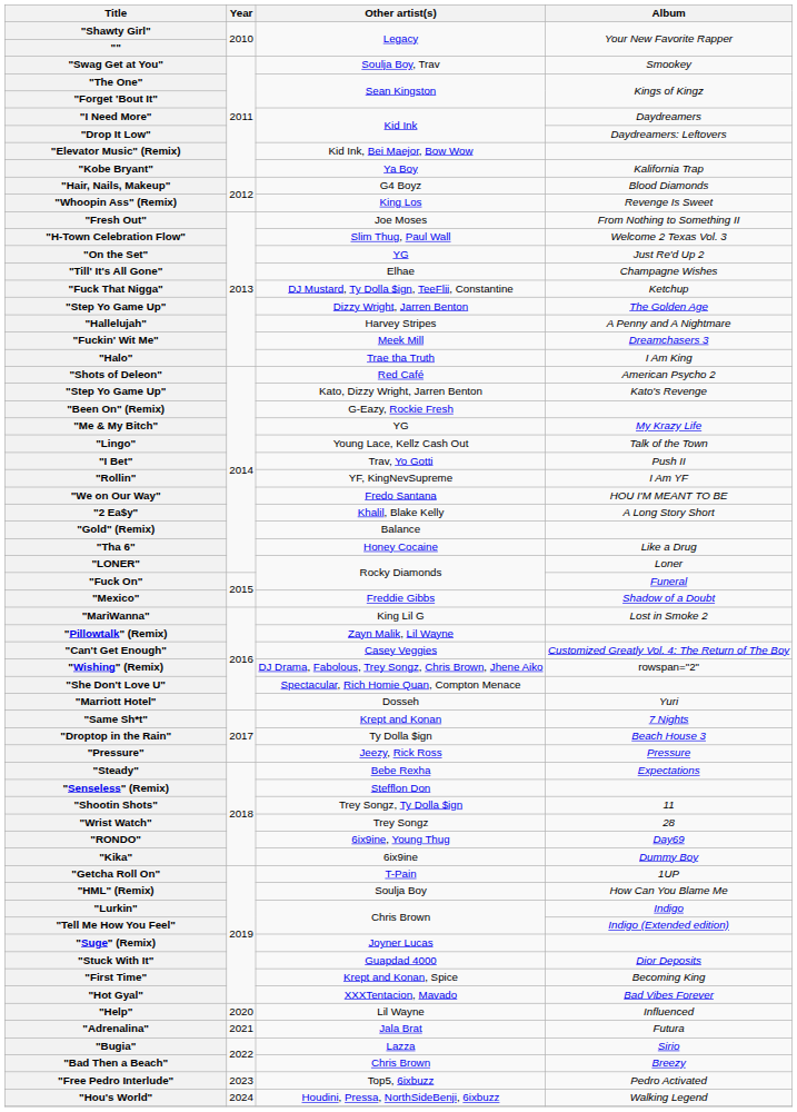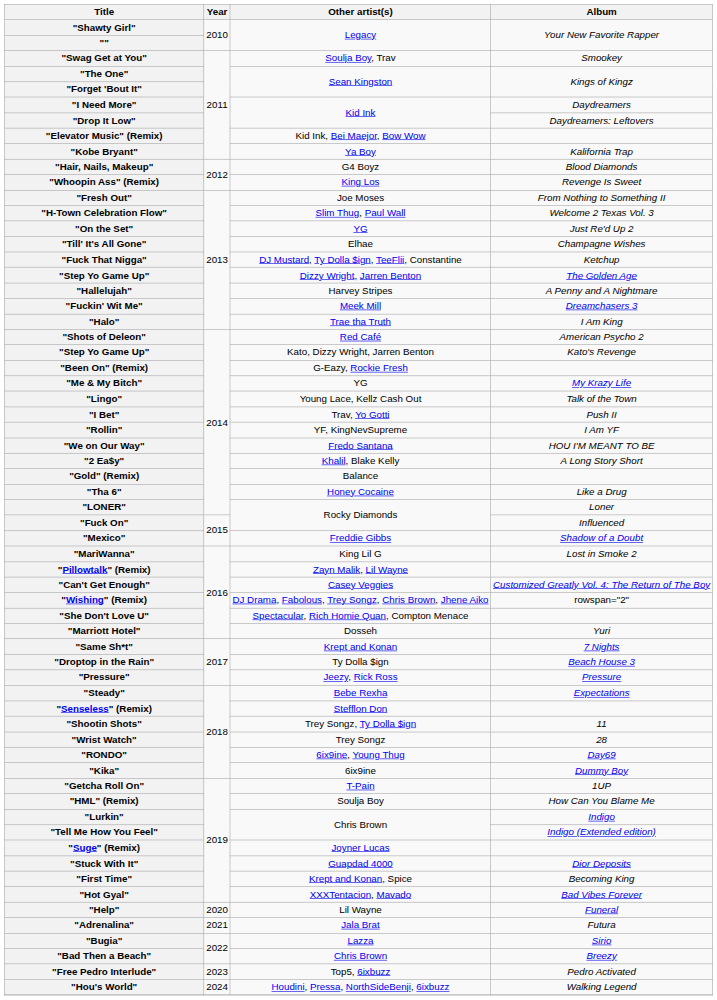 <table class="wikitable plainrowheaders" style="text-align:center;">
 <tr>
 <th scope="col" style="width:20em;">Title</th>
 <th scope="col">Year</th>
 <th scope="col">Other artist(s)</th>
 <th scope="col">Album</th>
 </tr>
 <tr>
 <th scope="row">"Shawty Girl"</th>
 <td rowspan="2">2010</td>
 <td rowspan="2"><a href='#'>Legacy</a></td>
 <td rowspan="2"><em>Your New Favorite Rapper</em></td>
 </tr>
 <tr>
 <th scope="row">""</th>
 </tr>
 <tr>
 <th scope="row">"Swag Get at You"</th>
 <td rowspan="7">2011</td>
 <td><a href='#'>Soulja Boy</a>, Trav</td>
 <td><em>Smookey</em></td>
 </tr>
 <tr>
 <th scope="row">"The One"</th>
 <td rowspan="2"><a href='#'>Sean Kingston</a></td>
 <td rowspan="2"><em>Kings of Kingz</em></td>
 </tr>
 <tr>
 <th scope="row">"Forget 'Bout It"</th>
 </tr>
 <tr>
 <th scope="row">"I Need More"</th>
 <td rowspan="2"><a href='#'>Kid Ink</a></td>
 <td><em>Daydreamers</em></td>
 </tr>
 <tr>
 <th scope="row">"Drop It Low"</th>
 <td><em>Daydreamers: Leftovers</em></td>
 </tr>
 <tr>
 <th scope="row">"Elevator Music" (Remix)</th>
 <td>Kid Ink, <a href='#'>Bei Maejor</a>, <a href='#'>Bow Wow</a></td>
 <td></td>
 </tr>
 <tr>
 <th scope="row">"Kobe Bryant"</th>
 <td><a href='#'>Ya Boy</a></td>
 <td><em>Kalifornia Trap</em></td>
 </tr>
 <tr>
 <th scope="row">"Hair, Nails, Makeup"</th>
 <td rowspan="2">2012</td>
 <td>G4 Boyz</td>
 <td><em>Blood Diamonds</em></td>
 </tr>
 <tr>
 <th scope="row">"Whoopin Ass" (Remix)</th>
 <td><a href='#'>King Los</a></td>
 <td><em>Revenge Is Sweet</em></td>
 </tr>
 <tr>
 <th scope="row">"Fresh Out"</th>
 <td rowspan="9">2013</td>
 <td>Joe Moses</td>
 <td><em>From Nothing to Something II</em></td>
 </tr>
 <tr>
 <th scope="row">"H-Town Celebration Flow"</th>
 <td><a href='#'>Slim Thug</a>, <a href='#'>Paul Wall</a></td>
 <td><em>Welcome 2 Texas Vol. 3</em></td>
 </tr>
 <tr>
 <th scope="row">"On the Set"</th>
 <td><a href='#'>YG</a></td>
 <td><em>Just Re'd Up 2</em></td>
 </tr>
 <tr>
 <th scope="row">"Till' It's All Gone"</th>
 <td>Elhae</td>
 <td><em>Champagne Wishes</em></td>
 </tr>
 <tr>
 <th scope="row">"Fuck That Nigga"</th>
 <td><a href='#'>DJ Mustard</a>, <a href='#'>Ty Dolla $ign</a>, <a href='#'>TeeFlii</a>, Constantine</td>
 <td><em>Ketchup</em></td>
 </tr>
 <tr>
 <th scope="row">"Step Yo Game Up"</th>
 <td><a href='#'>Dizzy Wright</a>, <a href='#'>Jarren Benton</a></td>
 <td><em><a href='#'>The Golden Age</a></em></td>
 </tr>
 <tr>
 <th scope="row">"Hallelujah"</th>
 <td>Harvey Stripes</td>
 <td><em>A Penny and A Nightmare</em></td>
 </tr>
 <tr>
 <th scope="row">"Fuckin' Wit Me"</th>
 <td><a href='#'>Meek Mill</a></td>
 <td><em><a href='#'>Dreamchasers 3</a></em></td>
 </tr>
 <tr>
 <th scope="row">"Halo"</th>
 <td><a href='#'>Trae tha Truth</a></td>
 <td><em>I Am King</em></td>
 </tr>
 <tr>
 <th scope="row">"Shots of Deleon"</th>
 <td rowspan="12">2014</td>
 <td><a href='#'>Red Café</a></td>
 <td><em>American Psycho 2</em></td>
 </tr>
 <tr>
 <th scope="row">"Step Yo Game Up"</th>
 <td>Kato, Dizzy Wright, Jarren Benton</td>
 <td><em>Kato's Revenge</em></td>
 </tr>
 <tr>
 <th scope="row">"Been On" (Remix)</th>
 <td>G-Eazy, <a href='#'>Rockie Fresh</a></td>
 <td></td>
 </tr>
 <tr>
 <th scope="row">"Me & My Bitch"</th>
 <td>YG</td>
 <td><em><a href='#'>My Krazy Life</a></em></td>
 </tr>
 <tr>
 <th scope="row">"Lingo"</th>
 <td>Young Lace, Kellz Cash Out</td>
 <td><em>Talk of the Town</em></td>
 </tr>
 <tr>
 <th scope="row">"I Bet"</th>
 <td>Trav, <a href='#'>Yo Gotti</a></td>
 <td><em>Push II</em></td>
 </tr>
 <tr>
 <th scope="row">"Rollin"</th>
 <td>YF, KingNevSupreme</td>
 <td><em>I Am YF</em></td>
 </tr>
 <tr>
 <th scope="row">"We on Our Way"</th>
 <td><a href='#'>Fredo Santana</a></td>
 <td><em>HOU I'M MEANT TO BE</em></td>
 </tr>
 <tr>
 <th scope="row">"2 Ea$y"</th>
 <td><a href='#'>Khalil</a>, Blake Kelly</td>
 <td><em>A Long Story Short</em></td>
 </tr>
 <tr>
 <th scope="row">"Gold" (Remix)</th>
 <td>Balance</td>
 <td></td>
 </tr>
 <tr>
 <th scope="row">"Tha 6"</th>
 <td><a href='#'>Honey Cocaine</a></td>
 <td><em>Like a Drug</em></td>
 </tr>
 <tr>
 <th scope="row">"LONER"</th>
 <td rowspan="2">Rocky Diamonds</td>
 <td><em>Loner</em></td>
 </tr>
 <tr>
 <th scope="row">"Fuck On"</th>
 <td rowspan="2">2015</td>
-<td><em><a href='#'>Funeral</a></em></td>
+<td><em>Influenced</em></td>
 </tr>
 <tr>
 <th scope="row">"Mexico"</th>
 <td><a href='#'>Freddie Gibbs</a></td>
 <td><em><a href='#'>Shadow of a Doubt</a></em></td>
 </tr>
 <tr>
 <th scope="row">"MariWanna"</th>
 <td rowspan="6">2016</td>
 <td>King Lil G</td>
 <td><em>Lost in Smoke 2</em></td>
 </tr>
 <tr>
 <th scope="row">"<a href='#'>Pillowtalk</a>" (Remix)</th>
 <td><a href='#'>Zayn Malik</a>, <a href='#'>Lil Wayne</a></td>
 <td></td>
 </tr>
 <tr>
 <th scope="row">"Can't Get Enough"</th>
 <td><a href='#'>Casey Veggies</a></td>
 <td><em><a href='#'>Customized Greatly Vol. 4: The Return of The Boy</a></em></td>
 </tr>
 <tr>
 <th scope="row">"<a href='#'>Wishing</a>" (Remix)</th>
 <td><a href='#'>DJ Drama</a>, <a href='#'>Fabolous</a>, <a href='#'>Trey Songz</a>, <a href='#'>Chris Brown</a>, <a href='#'>Jhene Aiko</a></td>
 <td>rowspan="2" </td>
 </tr>
 <tr>
 <th scope="row">"She Don't Love U"</th>
 <td><a href='#'>Spectacular</a>, <a href='#'>Rich Homie Quan</a>, Compton Menace</td>
 </tr>
 <tr>
 <th scope="row">"Marriott Hotel"</th>
 <td>Dosseh</td>
 <td><em>Yuri</em></td>
 </tr>
 <tr>
 <th scope="row">"Same Sh*t"</th>
 <td rowspan="3">2017</td>
 <td><a href='#'>Krept and Konan</a></td>
 <td><em><a href='#'>7 Nights</a></em></td>
 </tr>
 <tr>
 <th scope="row">"Droptop in the Rain"</th>
 <td>Ty Dolla $ign</td>
 <td><em><a href='#'>Beach House 3</a></em></td>
 </tr>
 <tr>
 <th scope="row">"Pressure"</th>
 <td><a href='#'>Jeezy</a>, <a href='#'>Rick Ross</a></td>
 <td><em><a href='#'>Pressure</a></em></td>
 </tr>
 <tr>
 <th scope="row">"Steady"</th>
 <td rowspan="6">2018</td>
 <td><a href='#'>Bebe Rexha</a></td>
 <td><em><a href='#'>Expectations</a></em></td>
 </tr>
 <tr>
 <th scope="row">"<a href='#'>Senseless</a>" (Remix)</th>
 <td><a href='#'>Stefflon Don</a></td>
 <td></td>
 </tr>
 <tr>
 <th scope="row">"Shootin Shots"</th>
 <td>Trey Songz, <a href='#'>Ty Dolla $ign</a></td>
 <td><em>11</em></td>
 </tr>
 <tr>
 <th scope="row">"Wrist Watch"</th>
 <td>Trey Songz</td>
 <td><em>28</em></td>
 </tr>
 <tr>
 <th scope="row">"RONDO"</th>
 <td><a href='#'>6ix9ine</a>, <a href='#'>Young Thug</a></td>
 <td><em><a href='#'>Day69</a></em></td>
 </tr>
 <tr>
 <th scope="row">"Kika"</th>
 <td>6ix9ine</td>
 <td><em><a href='#'>Dummy Boy</a></em></td>
 </tr>
 <tr>
 <th scope="row">"Getcha Roll On"</th>
 <td rowspan="8">2019</td>
 <td><a href='#'>T-Pain</a></td>
 <td><em>1UP</em></td>
 </tr>
 <tr>
 <th scope="row">"HML" (Remix)</th>
 <td>Soulja Boy</td>
 <td><em>How Can You Blame Me</em></td>
 </tr>
 <tr>
 <th scope="row">"Lurkin"</th>
 <td rowspan="2">Chris Brown</td>
 <td><em><a href='#'>Indigo</a></em></td>
 </tr>
 <tr>
 <th scope="row">"Tell Me How You Feel"</th>
 <td><em><a href='#'>Indigo (Extended edition)</a></em></td>
 </tr>
 <tr>
 <th scope="row">"<a href='#'>Suge</a>" (Remix)</th>
 <td><a href='#'>Joyner Lucas</a></td>
 <td></td>
 </tr>
 <tr>
 <th scope="row">"Stuck With It"</th>
 <td><a href='#'>Guapdad 4000</a></td>
 <td><em><a href='#'>Dior Deposits</a></em></td>
 </tr>
 <tr>
 <th scope="row">"First Time"</th>
 <td><a href='#'>Krept and Konan</a>, Spice</td>
 <td><em>Becoming King</em></td>
 </tr>
 <tr>
 <th scope="row">"Hot Gyal"</th>
 <td><a href='#'>XXXTentacion</a>, <a href='#'>Mavado</a></td>
 <td><em><a href='#'>Bad Vibes Forever</a></em></td>
 </tr>
 <tr>
 <th scope="row">"Help"</th>
 <td>2020</td>
 <td>Lil Wayne</td>
-<td><em>Influenced</em></td>
+<td><em><a href='#'>Funeral</a></em></td>
 </tr>
 <tr>
 <th scope="row">"Adrenalina"</th>
 <td>2021</td>
 <td><a href='#'>Jala Brat</a></td>
 <td><em>Futura</em></td>
 </tr>
 <tr>
 <th scope="row">"Bugia"</th>
 <td rowspan="2">2022</td>
 <td><a href='#'>Lazza</a></td>
 <td><em><a href='#'>Sirio</a></em></td>
 </tr>
 <tr>
 <th scope="row">"Bad Then a Beach"</th>
 <td><a href='#'>Chris Brown</a></td>
 <td><em><a href='#'>Breezy</a></em></td>
 </tr>
 <tr>
 <th scope="row">"Free Pedro Interlude"</th>
 <td rowspan="1">2023</td>
 <td>Top5, <a href='#'>6ixbuzz</a></td>
 <td><em>Pedro Activated</em></td>
 </tr>
 <tr>
 <th scope="row">"Hou's World"</th>
 <td rowspan="1">2024</td>
 <td><a href='#'>Houdini</a>, <a href='#'>Pressa</a>, <a href='#'>NorthSideBenji</a>, <a href='#'>6ixbuzz</a></td>
 <td><em>Walking Legend</em></td>
 </tr>
 <tr>
 </tr>
 </table>
